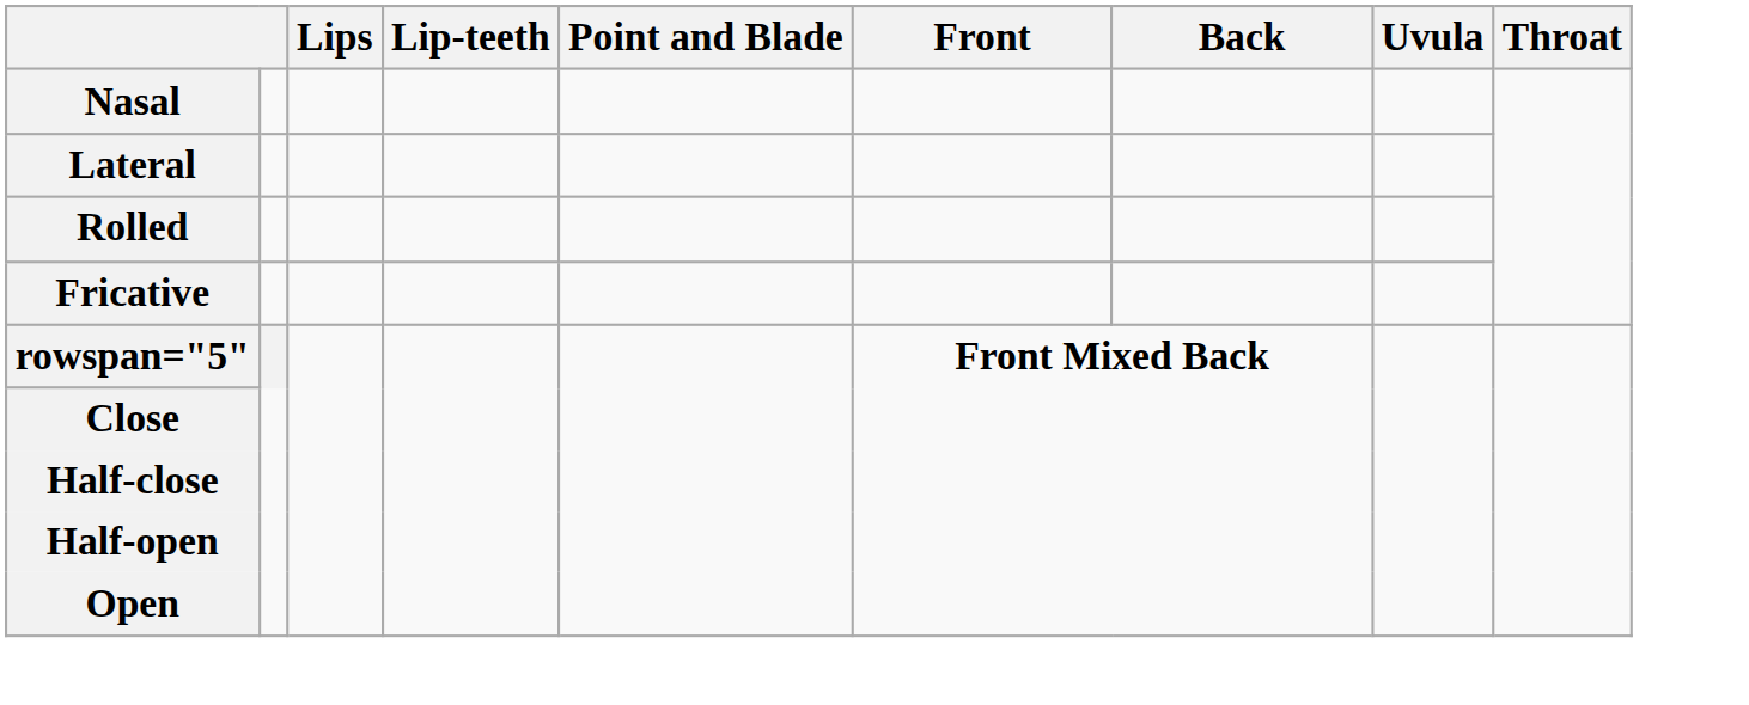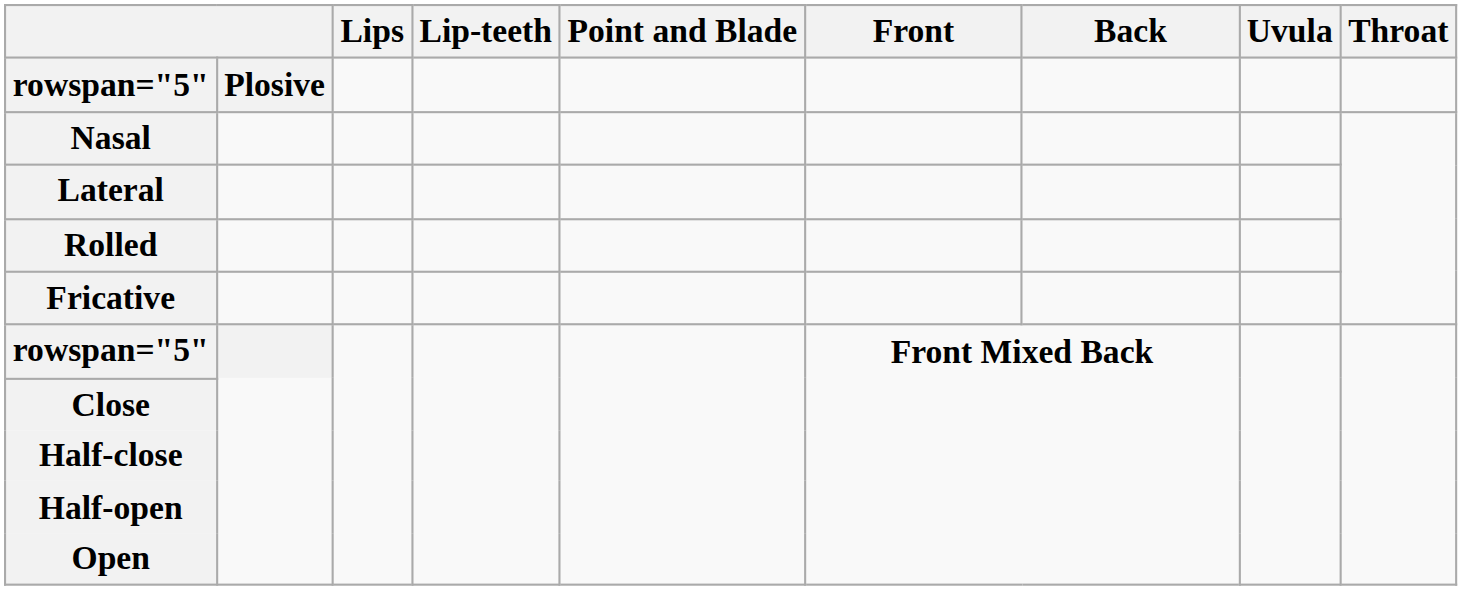 <table class="wikitable nowrap" style="text-align: center;">
 <tr>
 <th colspan="2"></th>
 <th>Lips</th>
 <th>Lip-teeth</th>
 <th>Point and Blade</th>
 <th style="min-width: 6em; max-width: 6em;">Front</th>
 <th style="min-width: 6em; max-width: 6em;">Back</th>
 <th>Uvula</th>
 <th>Throat</th>
+</tr>
+<tr>
+<th>rowspan="5" </th>
+<th>Plosive</th>
+<td></td>
+<td></td>
+<td></td>
+<td style="text-align: left;"></td>
+<td style="text-align: right;"></td>
+<td></td>
+<td></td>
 </tr>
 <tr>
 <th>Nasal</th>
 <td></td>
 <td></td>
 <td></td>
 <td style="text-align: left; padding-left: 1em;"></td>
 <td style="text-align: right; padding-right: 1em;"></td>
 <td></td>
 <td></td>
 </tr>
 <tr>
 <th>Lateral</th>
 <td></td>
 <td></td>
 <td></td>
 <td style="text-align: left; padding-left: 1em;"></td>
 <td style="text-align: right; padding-right: 0.8em;"></td>
 <td></td>
 <td></td>
 </tr>
 <tr>
 <th>Rolled</th>
 <td></td>
 <td></td>
 <td></td>
 <td></td>
 <td></td>
 <td></td>
 <td></td>
 </tr>
 <tr>
 <th>Fricative</th>
 <td><div></div><br><div></div> <div></div></td>
 <td></td>
 <td><div></div><br><div></div></td>
 <td style="text-align: left;"></td>
 <td style="text-align: right;"></td>
 <td></td>
 <td></td>
 </tr>
 <tr>
 <th>rowspan="5" </th>
 <th style="border: none;"></th>
 <td style="border-bottom: none;"></td>
 <td rowspan="5"></td>
 <td rowspan="5"></td>
 <td colspan="2" style="border: none;"><div><strong>Front</strong> <strong>Mixed</strong> <strong>Back</strong></div></td>
 <td rowspan="5"></td>
 <td rowspan="5"></td>
 </tr>
 <tr>
 <th style="border: none;">Close</th>
 <td rowspan="4" style="vertical-align: top; border-top: none;"><div></div><br><div></div> <div></div> <div> </div> <div></div></td>
 <td colspan="2" rowspan="4" class="wrap" style="border-top: none;"><div></div><br><div></div> <div></div> <div></div> <div></div> <div><span> </span></div> <div></div></td>
 </tr>
 <tr>
 <th style="border: none;">Half-close</th>
 </tr>
 <tr>
 <th style="border: none;">Half-open</th>
 </tr>
 <tr>
 <th style="border: none;">Open</th>
 </tr>
 </table>
